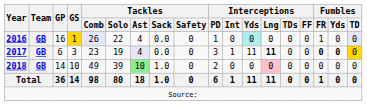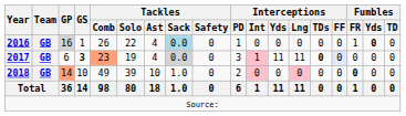 <table class="wikitable" style="text-align: center;">
 <tr>
 <th rowspan=2>Year</th>
 <th rowspan=2>Team</th>
 <th rowspan=2>GP</th>
 <th rowspan=2>GS</th>
 <th colspan=5>Tackles</th>
 <th colspan=6>Interceptions</th>
 <th colspan=4>Fumbles</th>
 </tr>
 <tr>
 <th>Comb</th>
 <th>Solo</th>
 <th>Ast</th>
 <th>Sack</th>
 <th>Safety</th>
 <th>PD</th>
 <th>Int</th>
 <th>Yds</th>
 <th>Lng</th>
 <th>TDs</th>
 <th>FF</th>
 <th>FR</th>
 <th>Yds</th>
 <th>TD</th>
 </tr>
 <tr>
 <th><a href='#'>2016</a></th>
 <th><a href='#'>GB</a></th>
-<td>16</td>
-<td style="background: gold;">1</td>
-<td style="background: lavender;">26</td>
+<td style="background: lightgrey;">16</td>
+<td>1</td>
+<td>26</td>
 <td>22</td>
 <td>4</td>
-<td>0.0</td>
+<td style="background: lightblue;">0.0</td>
 <td>0</td>
 <td>1</td>
 <td>0</td>
-<td style="background: paleturquoise;">0</td>
+<td>0</td>
 <td>0</td>
 <td>0</td>
 <td>0</td>
 <td>1</td>
+<td><strong>0</strong></td>
 <td>0</td>
-<td style="background: lavender;">0</td>
 </tr>
 <tr>
 <th><a href='#'>2017</a></th>
 <th><a href='#'>GB</a></th>
 <td>6</td>
-<td>3</td>
-<td>23</td>
+<td><strong>3</strong></td>
+<td style="background: lightsalmon;">23</td>
 <td>19</td>
-<td style="background: lavender;">4</td>
-<td>0.0</td>
+<td>4</td>
+<td style="background: lightgrey;">0.0</td>
 <td>0</td>
 <td>3</td>
-<td>1</td>
+<td style="background: pink;">1</td>
 <td>11</td>
-<td><strong>11</strong></td>
+<td>11</td>
+<td><strong>0</strong></td>
+<td style="background: lavender;">0</td>
 <td>0</td>
 <td>0</td>
-<td><strong>0</strong></td>
-<td><strong>0</strong></td>
-<td style="background: gold;">0</td>
+<td>0</td>
 </tr>
 <tr>
 <th><a href='#'>2018</a></th>
 <th><a href='#'>GB</a></th>
-<td>14</td>
+<td style="background: lightsalmon;">14</td>
 <td>10</td>
 <td>49</td>
 <td>39</td>
-<td style="background: lightgreen;">10</td>
+<td>10</td>
 <td>1.0</td>
 <td>0</td>
 <td>2</td>
-<td>0</td>
+<td style="background: pink;">0</td>
 <td>0</td>
 <td style="background: pink;">0</td>
 <td>0</td>
 <td>0</td>
-<td>0</td>
+<td><strong>0</strong></td>
 <td>0</td>
 <td>0</td>
 </tr>
 <tr>
 <th colspan=2>Total</th>
 <th>36</th>
 <th>14</th>
 <th>98</th>
 <th>80</th>
 <th>18</th>
 <th>1.0</th>
 <th>0</th>
 <th>6</th>
 <th>1</th>
 <th>11</th>
 <th>11</th>
 <th>0</th>
 <th>0</th>
 <th>1</th>
 <th>0</th>
 <th>0</th>
 </tr>
 <tr>
 <td colspan="18"><small>Source: </small></td>
 </tr>
 </table>
